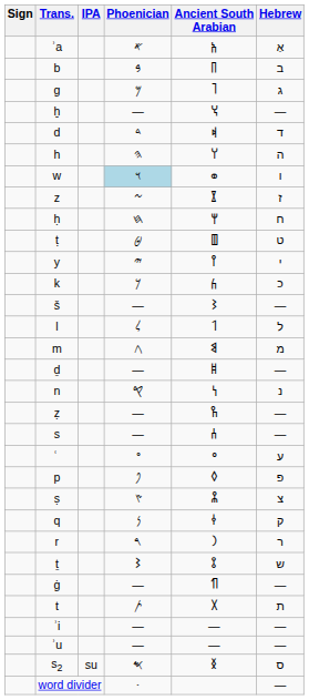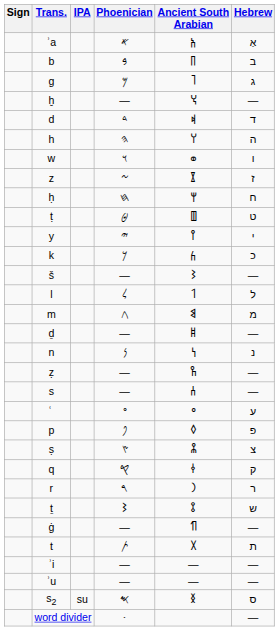 <table class="wikitable" style="font-family: 'Arial', 'Aegean', 'ALPHABETUM Unicode', 'MPH 2B Damase',  'Code2001', 'Free Sans', 'Noto Sans Ugaritic';text-align:center">
 <tr valign=top>
 <th>Sign</th>
 <th><a href='#'>Trans.</a></th>
 <th><a href='#'>IPA</a></th>
 <th><a href='#'>Phoenician</a></th>
 <th><a href='#'>Ancient South<br>Arabian</a></th>
 <th><a href='#'>Hebrew</a></th>
 </tr>
 <tr>
 <td style="font-size: 25px; font-family: serif;"></td>
 <td>ʾa</td>
 <td></td>
 <td>𐤀</td>
 <td>𐩱</td>
 <td>אַ</td>
 </tr>
 <tr>
 <td style="font-size: 25px; font-family: serif;"></td>
 <td>b</td>
 <td></td>
 <td>𐤁</td>
 <td>𐩨</td>
 <td>ב</td>
 </tr>
 <tr>
 <td style="font-size: 25px; font-family: serif;"></td>
 <td>g</td>
 <td></td>
 <td>𐤌</td>
 <td>𐩴</td>
 <td>ג</td>
 </tr>
 <tr>
 <td style="font-size: 25px; font-family: serif;"></td>
 <td>ḫ</td>
 <td></td>
 <td>—</td>
 <td>𐩭</td>
 <td>—</td>
 </tr>
 <tr>
 <td style="font-size: 25px; font-family: serif;"></td>
 <td>d</td>
 <td></td>
 <td>𐤃</td>
 <td>𐩵</td>
 <td>ד</td>
 </tr>
 <tr>
 <td style="font-size: 25px; font-family: serif;"></td>
 <td>h</td>
 <td></td>
 <td>𐤄</td>
 <td>𐩠</td>
 <td>ה</td>
 </tr>
 <tr>
 <td style="font-size: 25px; font-family: serif;"></td>
 <td>w</td>
 <td></td>
-<td style="background: lightblue;">𐤅</td>
+<td>𐤅</td>
 <td>𐩥</td>
 <td>ו</td>
 </tr>
 <tr>
 <td style="font-size: 25px; font-family: serif;"></td>
 <td>z</td>
 <td></td>
 <td>𐤆</td>
 <td>𐩸</td>
 <td>ז</td>
 </tr>
 <tr>
 <td style="font-size: 25px; font-family: serif;"></td>
 <td>ḥ</td>
 <td></td>
 <td>𐤇</td>
 <td>𐩢</td>
 <td>ח</td>
 </tr>
 <tr>
 <td style="font-size: 25px; font-family: serif;"></td>
 <td>ṭ</td>
 <td></td>
 <td>𐤈</td>
 <td>𐩷</td>
 <td>ט</td>
 </tr>
 <tr>
 <td style="font-size: 25px; font-family: serif;"></td>
 <td>y</td>
 <td></td>
 <td>𐤉</td>
 <td>𐩺</td>
 <td>י</td>
 </tr>
 <tr>
 <td style="font-size: 25px; font-family: serif;"></td>
 <td>k</td>
 <td></td>
 <td>𐤊</td>
 <td>𐩫</td>
 <td>כ</td>
 </tr>
 <tr>
 <td style="font-size: 25px; font-family: serif;"></td>
 <td>š</td>
 <td></td>
 <td>—</td>
 <td>𐩦</td>
 <td>—</td>
 </tr>
 <tr>
 <td style="font-size: 25px; font-family: serif;"></td>
 <td>l</td>
 <td></td>
 <td>𐤋</td>
 <td>𐩡</td>
 <td>ל</td>
 </tr>
 <tr>
 <td style="font-size: 25px; font-family: serif;"></td>
 <td>m</td>
 <td></td>
 <td>𐤂</td>
 <td>𐩣</td>
 <td>מ</td>
 </tr>
 <tr>
 <td style="font-size: 25px; font-family: serif;"></td>
 <td>ḏ</td>
 <td></td>
 <td>—</td>
 <td>𐩹</td>
 <td>—</td>
 </tr>
 <tr>
 <td style="font-size: 25px; font-family: serif;"></td>
 <td>n</td>
 <td></td>
-<td>𐤒</td>
+<td>𐤍</td>
 <td>𐩬</td>
 <td>נ</td>
 </tr>
 <tr>
 <td style="font-size: 25px; font-family: serif;"></td>
 <td>ẓ</td>
 <td></td>
 <td>—</td>
 <td>𐩼</td>
 <td>—</td>
 </tr>
 <tr>
 <td style="font-size: 25px; font-family: serif;"></td>
 <td>s</td>
 <td></td>
 <td>—</td>
 <td>𐩪</td>
 <td>—</td>
 </tr>
 <tr>
 <td style="font-size: 25px; font-family: serif;"></td>
 <td>ʿ </td>
 <td></td>
 <td>𐤏</td>
 <td>𐩲</td>
 <td>ע</td>
 </tr>
 <tr>
 <td style="font-size: 25px; font-family: serif;"></td>
 <td>p</td>
 <td></td>
 <td>𐤐</td>
 <td>𐩰</td>
 <td>פ</td>
 </tr>
 <tr>
 <td style="font-size: 25px; font-family: serif;"></td>
 <td>ṣ</td>
 <td></td>
 <td>𐤑</td>
 <td>𐩮</td>
 <td>צ</td>
 </tr>
 <tr>
 <td style="font-size: 25px; font-family: serif;"></td>
 <td>q</td>
 <td></td>
-<td>𐤍</td>
+<td>𐤒</td>
 <td>𐩤</td>
 <td>ק</td>
 </tr>
 <tr>
 <td style="font-size: 25px; font-family: serif;"></td>
 <td>r</td>
 <td></td>
 <td>𐤓</td>
 <td>𐩧</td>
 <td>ר</td>
 </tr>
 <tr>
 <td style="font-size: 25px; font-family: serif;"></td>
 <td>ṯ</td>
 <td></td>
 <td>𐩦</td>
 <td>𐩻</td>
 <td>ש</td>
 </tr>
 <tr>
 <td style="font-size: 25px; font-family: serif;"></td>
 <td>ġ</td>
 <td></td>
 <td>—</td>
 <td>𐩶</td>
 <td>—</td>
 </tr>
 <tr>
 <td style="font-size: 25px; font-family: serif;"></td>
 <td>t</td>
 <td></td>
 <td>𐤕</td>
 <td>𐩩</td>
 <td>ת</td>
 </tr>
 <tr>
 <td style="font-size: 25px; font-family: serif;"></td>
 <td>ʾi</td>
 <td></td>
 <td>—</td>
 <td>—</td>
 <td>—</td>
 </tr>
 <tr>
 <td style="font-size: 25px; font-family: serif;"></td>
 <td>ʾu</td>
 <td></td>
 <td>—</td>
 <td>—</td>
 <td>—</td>
 </tr>
 <tr>
 <td style="font-size: 25px; font-family: serif;"></td>
 <td>s<sub>2</sub></td>
 <td>su</td>
 <td>𐤎</td>
 <td>𐩯</td>
 <td>ס</td>
 </tr>
 <tr>
 <td style="font-size: 25px; font-family: serif;"></td>
 <td colspan="2"><a href='#'>word divider</a></td>
 <td>𐤟</td>
 <td></td>
 <td>—</td>
 </tr>
 </table>
